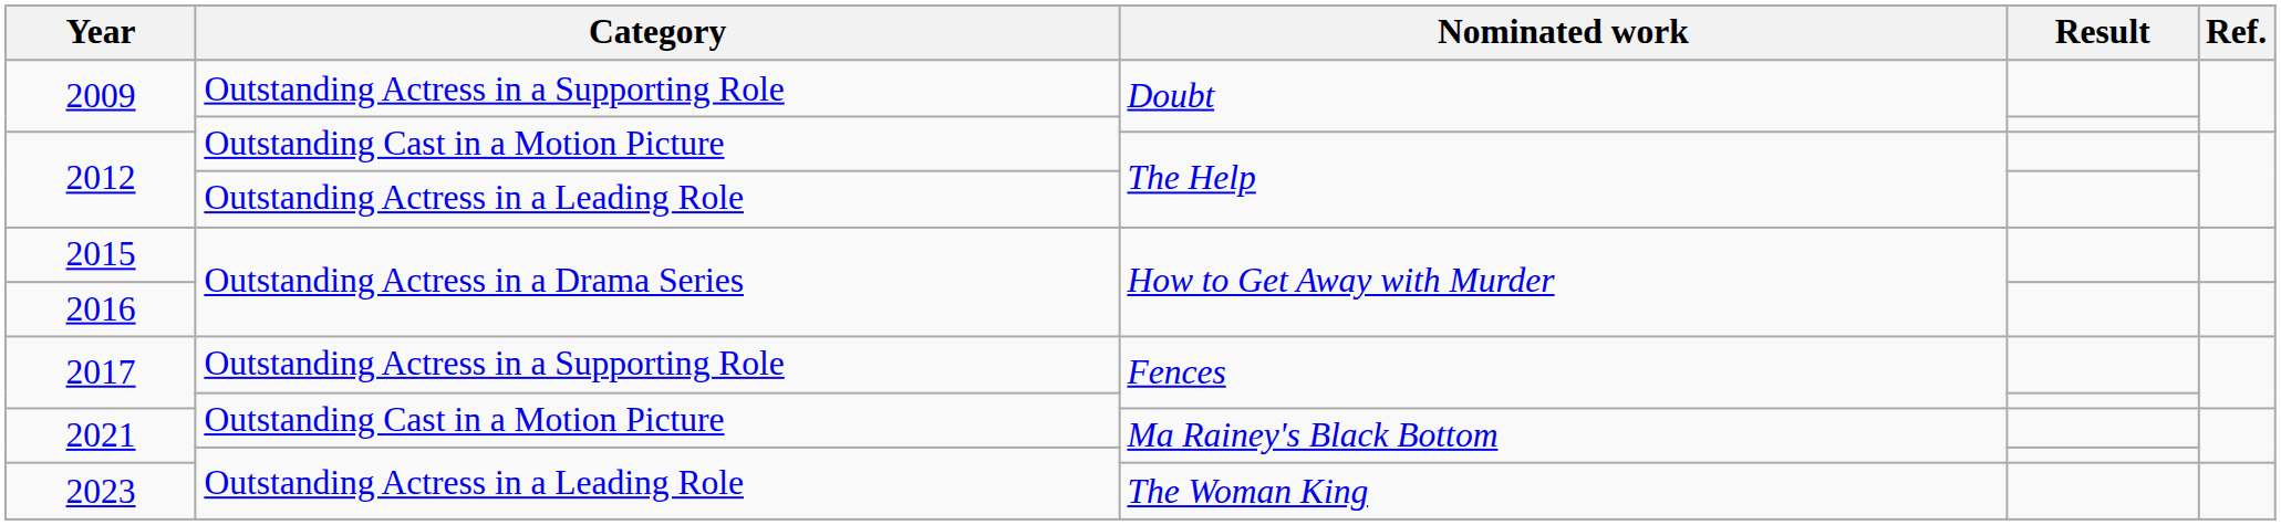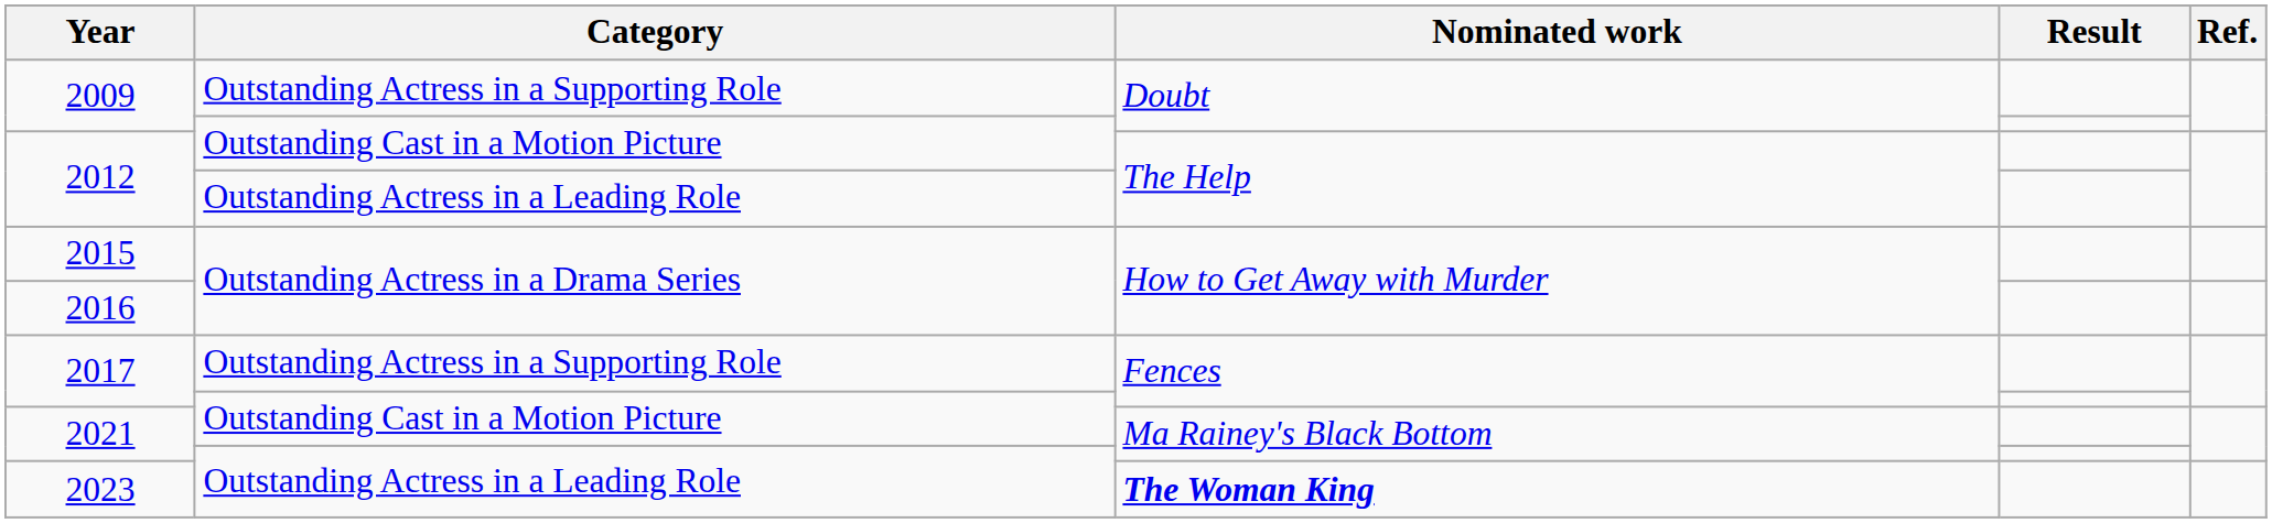 <table class=wikitable>
 <tr>
 <th scope="col" style="width:5em;">Year</th>
 <th scope="col" style="width:26em;">Category</th>
 <th scope="col" style="width:25em;">Nominated work</th>
 <th scope="col" style="width:5em;">Result</th>
 <th>Ref.</th>
 </tr>
 <tr>
 <td rowspan="2" style="text-align:center;"><a href='#'>2009</a></td>
 <td><a href='#'>Outstanding Actress in a Supporting Role</a></td>
 <td rowspan="2"><em><a href='#'>Doubt</a></em></td>
 <td></td>
 <td rowspan="2" style="text-align:center;"></td>
 </tr>
 <tr>
 <td rowspan="2"><a href='#'>Outstanding Cast in a Motion Picture</a></td>
 <td></td>
 </tr>
 <tr>
 <td rowspan="2" style="text-align:center;"><a href='#'>2012</a></td>
 <td rowspan="2"><em><a href='#'>The Help</a></em></td>
 <td></td>
 <td rowspan="2" style="text-align:center;"></td>
 </tr>
 <tr>
 <td><a href='#'>Outstanding Actress in a Leading Role</a></td>
 <td></td>
 </tr>
 <tr>
 <td style="text-align:center;"><a href='#'>2015</a></td>
 <td rowspan="2"><a href='#'>Outstanding Actress in a Drama Series</a></td>
 <td rowspan="2"><em><a href='#'>How to Get Away with Murder</a></em></td>
 <td></td>
 <td style="text-align:center;"></td>
 </tr>
 <tr>
 <td style="text-align:center;"><a href='#'>2016</a></td>
 <td></td>
 <td style="text-align:center;"></td>
 </tr>
 <tr>
 <td rowspan="2" style="text-align:center;"><a href='#'>2017</a></td>
 <td><a href='#'>Outstanding Actress in a Supporting Role</a></td>
 <td rowspan="2"><em><a href='#'>Fences</a></em></td>
 <td></td>
 <td rowspan="2" style="text-align:center;"></td>
 </tr>
 <tr>
 <td rowspan="2"><a href='#'>Outstanding Cast in a Motion Picture</a></td>
 <td></td>
 </tr>
 <tr>
 <td rowspan="2" style="text-align:center;"><a href='#'>2021</a></td>
 <td rowspan="2"><em><a href='#'>Ma Rainey's Black Bottom</a></em></td>
 <td></td>
 <td rowspan="2"style="text-align:center;"></td>
 </tr>
 <tr>
 <td rowspan="2"><a href='#'>Outstanding Actress in a Leading Role</a></td>
 <td></td>
 </tr>
 <tr>
 <td style="text-align:center;"><a href='#'>2023</a></td>
-<td><em><a href='#'>The Woman King</a></em></td>
+<td><strong><em><a href='#'>The Woman King</a></em></strong></td>
 <td></td>
 <td style="text-align:center;"></td>
 </tr>
 </table>
